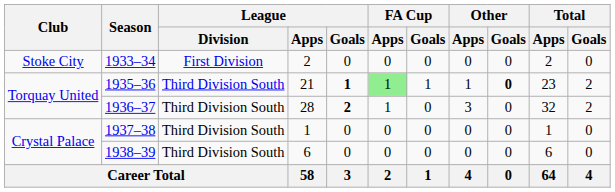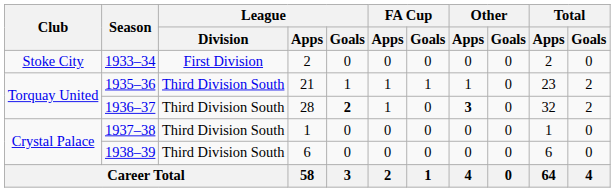 <table class="wikitable" style="text-align: center;">
 <tr>
 <th rowspan="2">Club</th>
 <th rowspan="2">Season</th>
 <th colspan="3">League</th>
 <th colspan="2">FA Cup</th>
 <th colspan="2">Other</th>
 <th colspan="2">Total</th>
 </tr>
 <tr>
 <th>Division</th>
 <th>Apps</th>
 <th>Goals</th>
 <th>Apps</th>
 <th>Goals</th>
 <th>Apps</th>
 <th>Goals</th>
 <th>Apps</th>
 <th>Goals</th>
 </tr>
 <tr>
 <td><a href='#'>Stoke City</a></td>
 <td><a href='#'>1933–34</a></td>
 <td><a href='#'>First Division</a></td>
 <td>2</td>
 <td>0</td>
 <td>0</td>
 <td>0</td>
 <td>0</td>
 <td>0</td>
 <td>2</td>
 <td>0</td>
 </tr>
 <tr>
 <td rowspan="2"><a href='#'>Torquay United</a></td>
 <td><a href='#'>1935–36</a></td>
 <td><a href='#'>Third Division South</a></td>
 <td>21</td>
-<td><strong>1</strong></td>
-<td style="background: lightgreen;">1</td>
 <td>1</td>
 <td>1</td>
-<td><strong>0</strong></td>
+<td>1</td>
+<td>1</td>
+<td>0</td>
 <td>23</td>
 <td>2</td>
 </tr>
 <tr>
 <td><a href='#'>1936–37</a></td>
 <td>Third Division South</td>
 <td>28</td>
 <td><strong>2</strong></td>
 <td>1</td>
 <td>0</td>
-<td>3</td>
+<td><strong>3</strong></td>
 <td>0</td>
 <td>32</td>
 <td>2</td>
 </tr>
 <tr>
 <td rowspan="2"><a href='#'>Crystal Palace</a></td>
 <td><a href='#'>1937–38</a></td>
 <td>Third Division South</td>
 <td>1</td>
 <td>0</td>
 <td>0</td>
 <td>0</td>
 <td>0</td>
 <td>0</td>
 <td>1</td>
 <td>0</td>
 </tr>
 <tr>
 <td><a href='#'>1938–39</a></td>
 <td>Third Division South</td>
 <td>6</td>
 <td>0</td>
 <td>0</td>
 <td>0</td>
 <td>0</td>
 <td>0</td>
 <td>6</td>
 <td>0</td>
 </tr>
 <tr>
 <th colspan="3">Career Total</th>
 <th>58</th>
 <th>3</th>
 <th>2</th>
 <th>1</th>
 <th>4</th>
 <th>0</th>
 <th>64</th>
 <th>4</th>
 </tr>
 </table>
